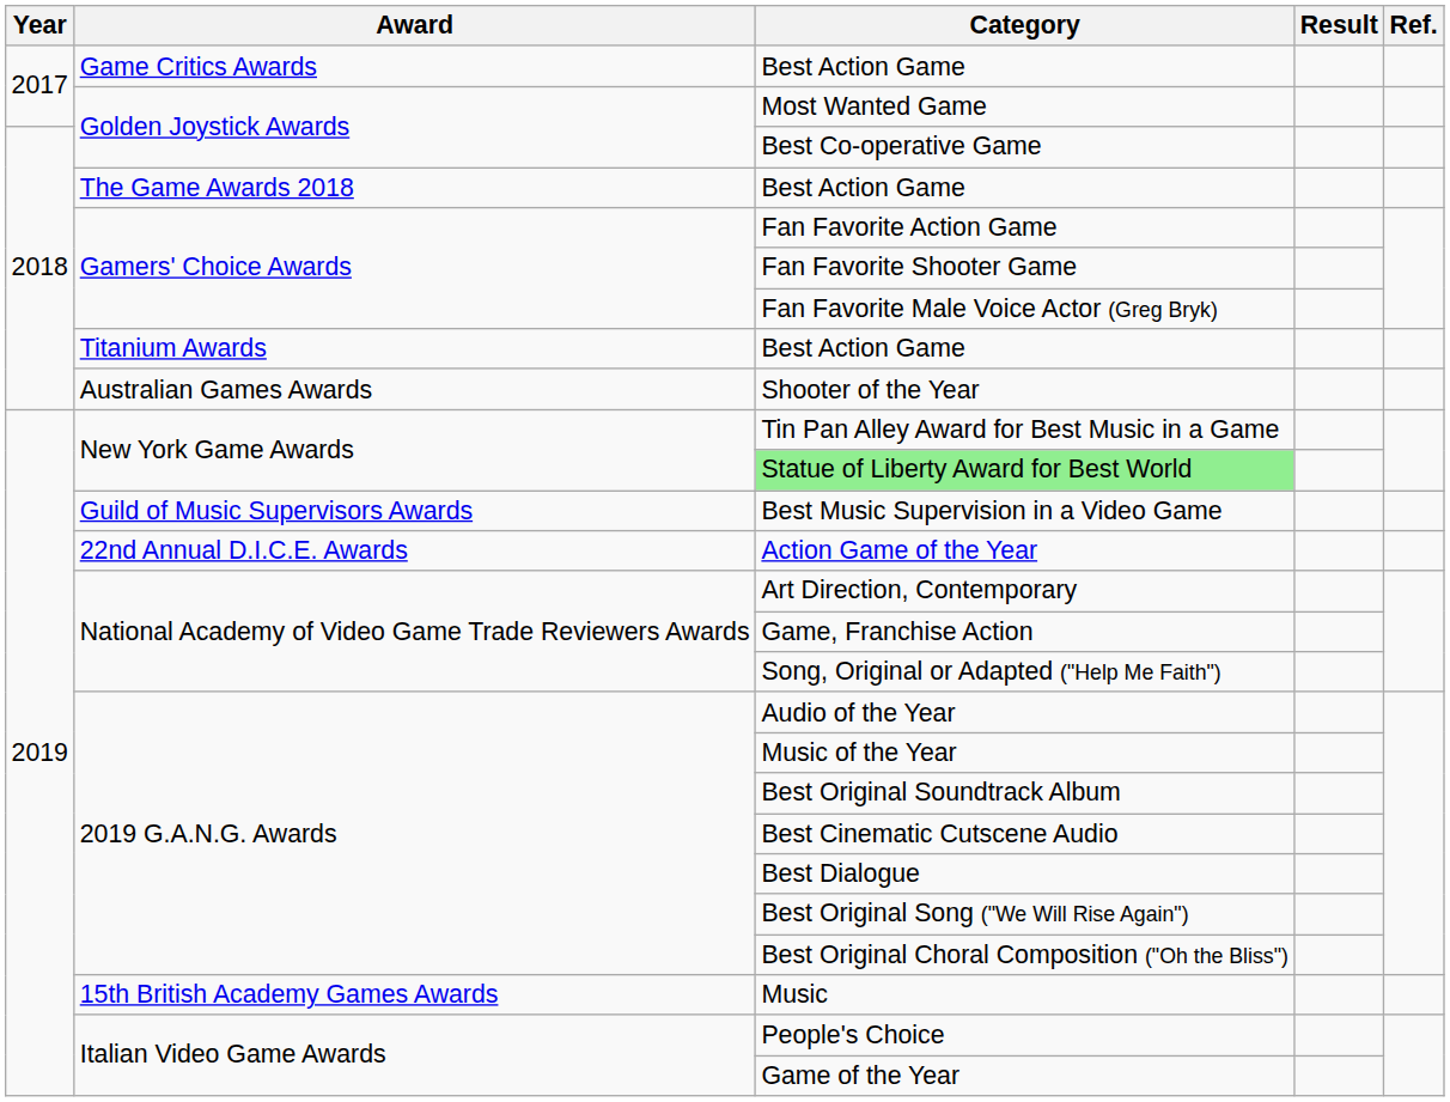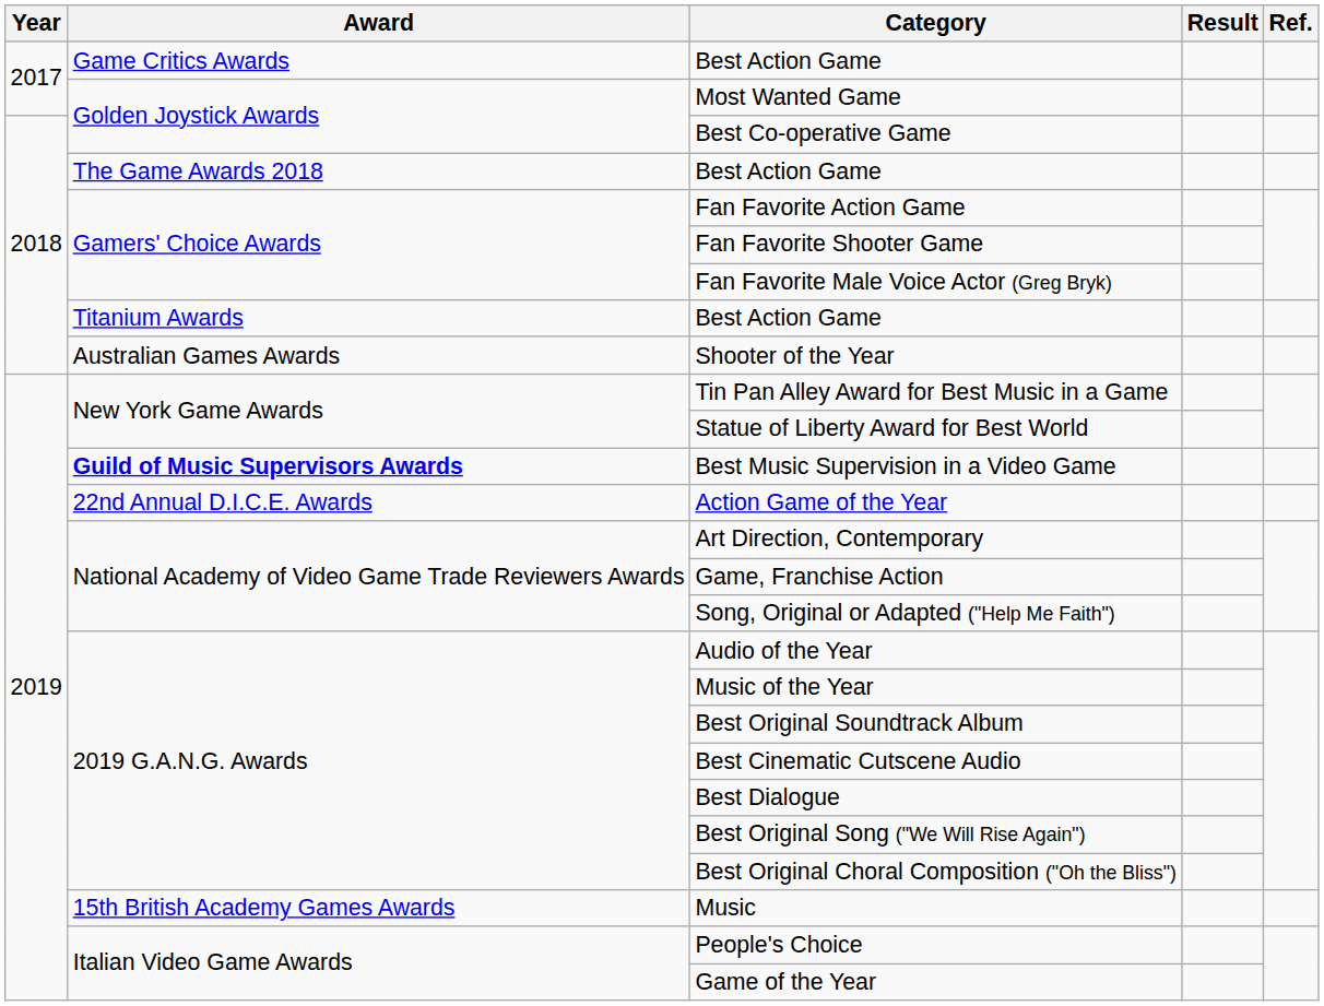 <table class="wikitable sortable">
 <tr>
 <th>Year</th>
 <th>Award</th>
 <th>Category</th>
 <th>Result</th>
 <th>Ref.</th>
 </tr>
 <tr>
 <td style="text-align:center;" rowspan="2">2017</td>
 <td rowspan="1"><a href='#'>Game Critics Awards</a></td>
 <td>Best Action Game</td>
 <td></td>
 <td rowspan="1" style="text-align:center;"></td>
 </tr>
 <tr>
 <td rowspan="2"><a href='#'>Golden Joystick Awards</a></td>
 <td>Most Wanted Game</td>
 <td></td>
 <td rowspan="1" style="text-align:center;"></td>
 </tr>
 <tr>
 <td style="text-align:center;" rowspan="7">2018</td>
 <td>Best Co-operative Game</td>
 <td></td>
 <td rowspan="1" style="text-align:center;"><br></td>
 </tr>
 <tr>
 <td rowspan="1"><a href='#'>The Game Awards 2018</a></td>
 <td>Best Action Game</td>
 <td></td>
 <td rowspan="1" style="text-align:center;"><br></td>
 </tr>
 <tr>
 <td rowspan="3"><a href='#'>Gamers' Choice Awards</a></td>
 <td>Fan Favorite Action Game</td>
 <td></td>
 <td rowspan="3" style="text-align:center;"></td>
 </tr>
 <tr>
 <td>Fan Favorite Shooter Game</td>
 <td></td>
 </tr>
 <tr>
 <td>Fan Favorite Male Voice Actor <small>(Greg Bryk)</small></td>
 <td></td>
 </tr>
 <tr>
 <td rowspan="1"><a href='#'>Titanium Awards</a></td>
 <td>Best Action Game</td>
 <td></td>
 <td rowspan="1" style="text-align:center;"></td>
 </tr>
 <tr>
 <td rowspan="1">Australian Games Awards</td>
 <td>Shooter of the Year</td>
 <td></td>
 <td rowspan="1" style="text-align:center;"></td>
 </tr>
 <tr>
 <td style="text-align:center;" rowspan="17">2019</td>
 <td rowspan="2">New York Game Awards</td>
 <td>Tin Pan Alley Award for Best Music in a Game</td>
 <td></td>
 <td rowspan="2" style="text-align:center;"></td>
 </tr>
 <tr>
-<td style="background: lightgreen;">Statue of Liberty Award for Best World</td>
+<td>Statue of Liberty Award for Best World</td>
 <td></td>
 </tr>
 <tr>
-<td rowspan="1"><a href='#'>Guild of Music Supervisors Awards</a></td>
+<td rowspan="1"><strong><a href='#'>Guild of Music Supervisors Awards</a></strong></td>
 <td>Best Music Supervision in a Video Game</td>
 <td></td>
 <td rowspan="1" style="text-align:center;"></td>
 </tr>
 <tr>
 <td rowspan="1"><a href='#'>22nd Annual D.I.C.E. Awards</a></td>
 <td><a href='#'>Action Game of the Year</a></td>
 <td></td>
 <td rowspan="1" style="text-align:center;"></td>
 </tr>
 <tr>
 <td rowspan="3">National Academy of Video Game Trade Reviewers Awards</td>
 <td>Art Direction, Contemporary</td>
 <td></td>
 <td rowspan="3" style="text-align:center;"></td>
 </tr>
 <tr>
 <td>Game, Franchise Action</td>
 <td></td>
 </tr>
 <tr>
 <td>Song, Original or Adapted <small>("Help Me Faith")</small></td>
 <td></td>
 </tr>
 <tr>
 <td rowspan="7">2019 G.A.N.G. Awards</td>
 <td>Audio of the Year</td>
 <td></td>
 <td rowspan="7" style="text-align:center;"></td>
 </tr>
 <tr>
 <td>Music of the Year</td>
 <td></td>
 </tr>
 <tr>
 <td>Best Original Soundtrack Album</td>
 <td></td>
 </tr>
 <tr>
 <td>Best Cinematic Cutscene Audio</td>
 <td></td>
 </tr>
 <tr>
 <td>Best Dialogue</td>
 <td></td>
 </tr>
 <tr>
 <td>Best Original Song <small>("We Will Rise Again")</small></td>
 <td></td>
 </tr>
 <tr>
 <td>Best Original Choral Composition <small>("Oh the Bliss")</small></td>
 <td></td>
 </tr>
 <tr>
 <td rowspan="1"><a href='#'>15th British Academy Games Awards</a></td>
 <td>Music</td>
 <td></td>
 <td rowspan="1" style="text-align:center;"></td>
 </tr>
 <tr>
 <td rowspan="2">Italian Video Game Awards</td>
 <td>People's Choice</td>
 <td></td>
 <td rowspan="2" style="text-align:center;"></td>
 </tr>
 <tr>
 <td>Game of the Year</td>
 <td></td>
 </tr>
 </table>
